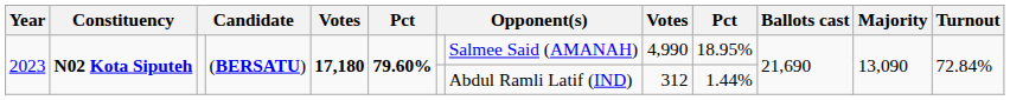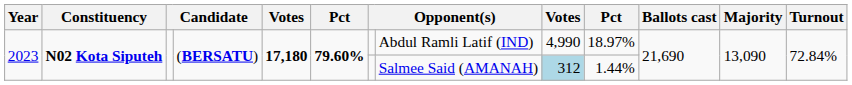 <table class="wikitable"style="margin:0.5em ; font-size:95%">
 <tr>
 <th>Year</th>
 <th>Constituency</th>
 <th colspan=2>Candidate</th>
 <th>Votes</th>
 <th>Pct</th>
 <th colspan=2>Opponent(s)</th>
 <th>Votes</th>
 <th>Pct</th>
 <th>Ballots cast</th>
 <th>Majority</th>
 <th>Turnout</th>
 </tr>
 <tr>
 <td rowspan=2><a href='#'>2023</a></td>
 <td rowspan=2><strong>N02 <a href='#'>Kota Siputeh</a></strong></td>
 <td rowspan=2 bgcolor=></td>
 <td rowspan=2> (<a href='#'><strong>BERSATU</strong></a>)</td>
 <td rowspan=2 align=right><strong>17,180</strong></td>
 <td rowspan=2><strong>79.60%</strong></td>
 <td></td>
-<td><a href='#'>Salmee Said</a> (<a href='#'>AMANAH</a>)</td>
+<td>Abdul Ramli Latif (<a href='#'>IND</a>)</td>
 <td align=right>4,990</td>
-<td>18.95%</td>
+<td>18.97%</td>
 <td rowspan=2>21,690</td>
 <td rowspan=2>13,090</td>
 <td rowspan=2>72.84%</td>
 </tr>
 <tr>
 <td></td>
-<td>Abdul Ramli Latif (<a href='#'>IND</a>)</td>
-<td align=right>312</td>
+<td><a href='#'>Salmee Said</a> (<a href='#'>AMANAH</a>)</td>
+<td align=right style="background: lightblue;">312</td>
 <td align=right>1.44%</td>
 </tr>
 </table>
